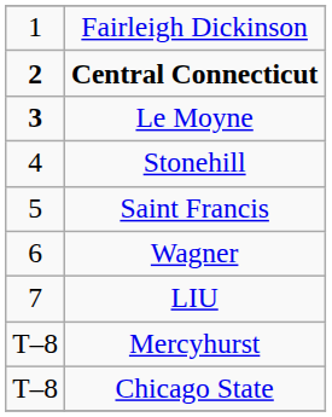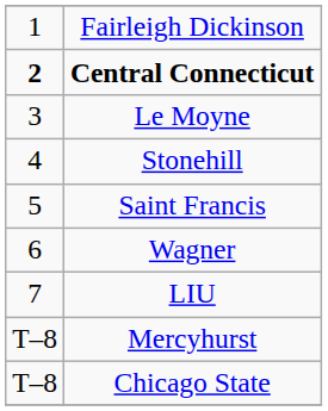 <table class="wikitable" border="1">
 <tr align=center>
 </tr>
 <tr align="center">
 <td>1</td>
 <td><a href='#'>Fairleigh Dickinson</a></td>
 </tr>
 <tr align="center">
 <td><strong>2</strong></td>
 <td><strong>Central Connecticut</strong></td>
 </tr>
 <tr align="center">
-<td><strong>3</strong></td>
+<td>3</td>
 <td><a href='#'>Le Moyne</a></td>
 </tr>
 <tr align="center">
 <td>4</td>
 <td><a href='#'>Stonehill</a></td>
 </tr>
 <tr align="center">
 <td>5</td>
 <td><a href='#'>Saint Francis</a></td>
 </tr>
 <tr align="center">
 <td>6</td>
 <td><a href='#'>Wagner</a></td>
 </tr>
 <tr align="center">
 <td>7</td>
 <td><a href='#'>LIU</a></td>
 </tr>
 <tr align="center">
 <td>T–8</td>
 <td><a href='#'>Mercyhurst</a></td>
 </tr>
 <tr align="center">
 <td>T–8</td>
 <td><a href='#'>Chicago State</a></td>
 </tr>
 <tr align="center">
 </tr>
 </table>
